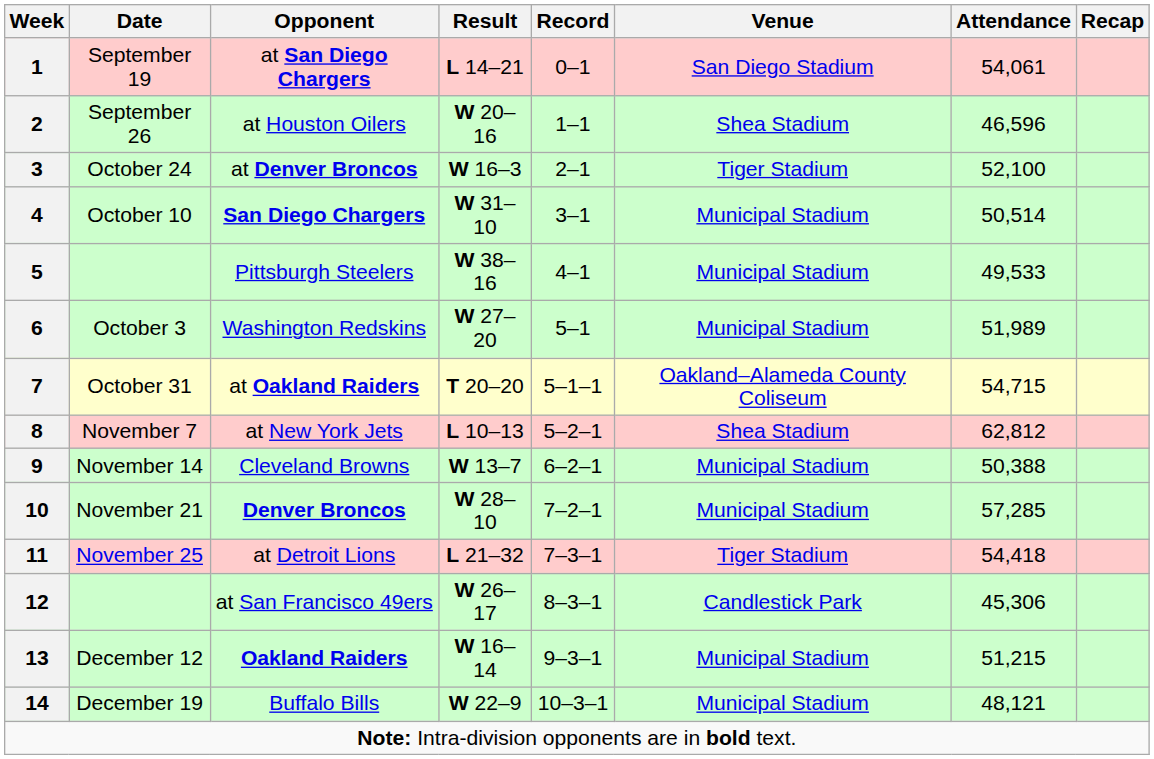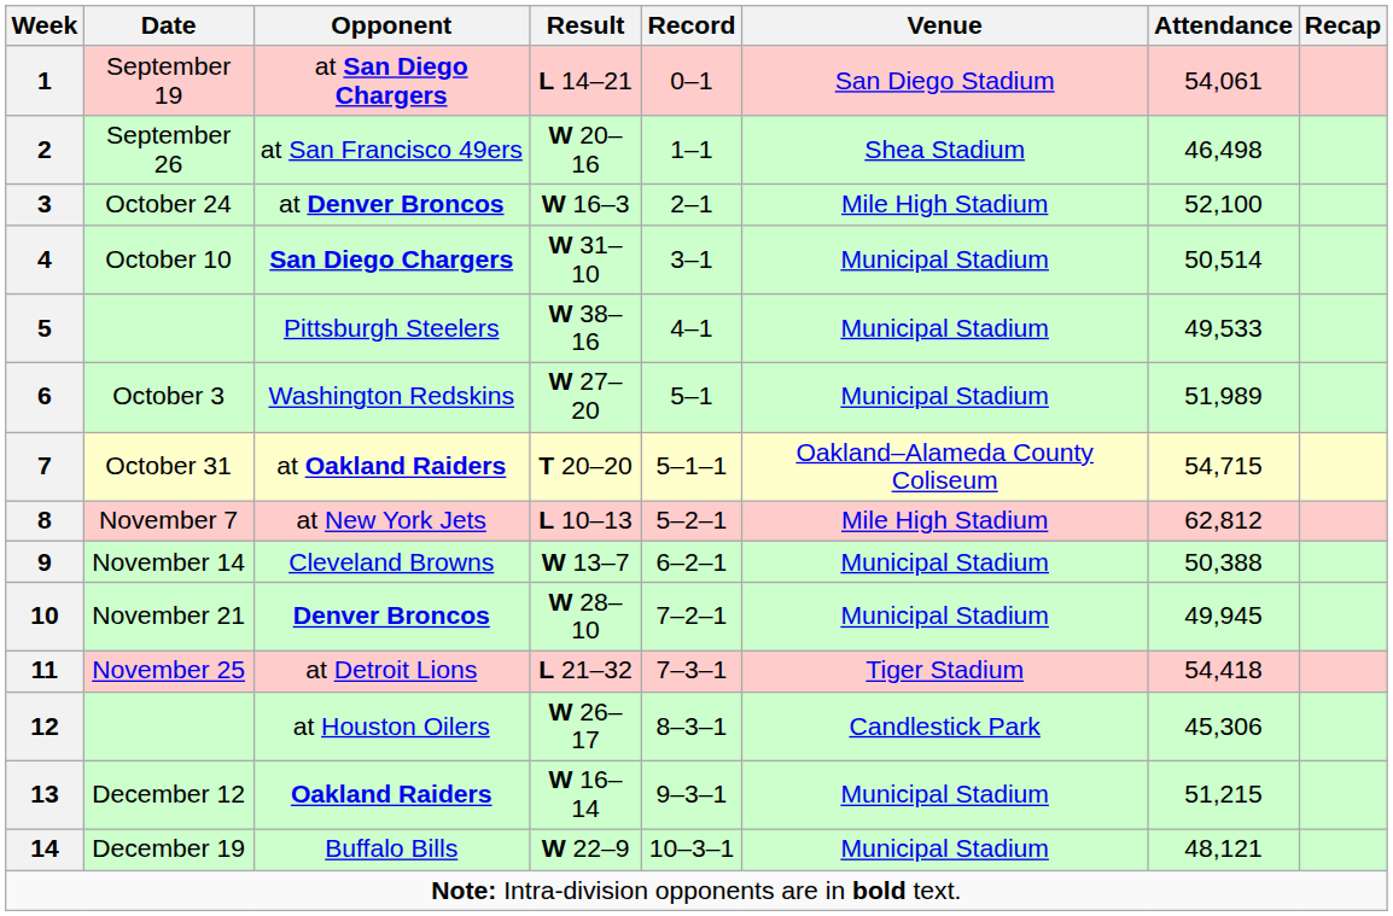 <table class="wikitable" style="text-align:center">
 <tr>
 <th>Week</th>
 <th>Date</th>
 <th>Opponent</th>
 <th>Result</th>
 <th>Record</th>
 <th>Venue</th>
 <th>Attendance</th>
 <th>Recap</th>
 </tr>
 <tr style="background:#fcc">
 <th>1</th>
 <td>September 19</td>
 <td>at <strong><a href='#'>San Diego Chargers</a></strong></td>
 <td><strong>L</strong> 14–21</td>
 <td>0–1</td>
 <td><a href='#'>San Diego Stadium</a></td>
 <td>54,061</td>
 <td></td>
 </tr>
 <tr style="background:#cfc">
 <th>2</th>
 <td>September 26</td>
-<td>at <a href='#'>Houston Oilers</a></td>
+<td>at <a href='#'>San Francisco 49ers</a></td>
 <td><strong>W</strong> 20–16</td>
 <td>1–1</td>
 <td><a href='#'>Shea Stadium</a></td>
-<td>46,596</td>
+<td>46,498</td>
 <td></td>
 </tr>
 <tr style="background:#cfc">
 <th>3</th>
 <td>October 24</td>
 <td>at <strong><a href='#'>Denver Broncos</a></strong></td>
 <td><strong>W</strong> 16–3</td>
 <td>2–1</td>
-<td><a href='#'>Tiger Stadium</a></td>
+<td><a href='#'>Mile High Stadium</a></td>
 <td>52,100</td>
 <td></td>
 </tr>
 <tr style="background:#cfc">
 <th>4</th>
 <td>October 10</td>
 <td><strong><a href='#'>San Diego Chargers</a></strong></td>
 <td><strong>W</strong> 31–10</td>
 <td>3–1</td>
 <td><a href='#'>Municipal Stadium</a></td>
 <td>50,514</td>
 <td></td>
 </tr>
 <tr style="background:#cfc">
 <th>5</th>
 <td></td>
 <td><a href='#'>Pittsburgh Steelers</a></td>
 <td><strong>W</strong> 38–16</td>
 <td>4–1</td>
 <td><a href='#'>Municipal Stadium</a></td>
 <td>49,533</td>
 <td></td>
 </tr>
 <tr style="background:#cfc">
 <th>6</th>
 <td>October 3</td>
 <td><a href='#'>Washington Redskins</a></td>
 <td><strong>W</strong> 27–20</td>
 <td>5–1</td>
 <td><a href='#'>Municipal Stadium</a></td>
 <td>51,989</td>
 <td></td>
 </tr>
 <tr style="background:#ffc">
 <th>7</th>
 <td>October 31</td>
 <td>at <strong><a href='#'>Oakland Raiders</a></strong></td>
 <td><strong>T</strong> 20–20</td>
 <td>5–1–1</td>
 <td><a href='#'>Oakland–Alameda County Coliseum</a></td>
 <td>54,715</td>
 <td></td>
 </tr>
 <tr style="background:#fcc">
 <th>8</th>
 <td>November 7</td>
 <td>at <a href='#'>New York Jets</a></td>
 <td><strong>L</strong> 10–13</td>
 <td>5–2–1</td>
-<td><a href='#'>Shea Stadium</a></td>
+<td><a href='#'>Mile High Stadium</a></td>
 <td>62,812</td>
 <td></td>
 </tr>
 <tr style="background:#cfc">
 <th>9</th>
 <td>November 14</td>
 <td><a href='#'>Cleveland Browns</a></td>
 <td><strong>W</strong> 13–7</td>
 <td>6–2–1</td>
 <td><a href='#'>Municipal Stadium</a></td>
 <td>50,388</td>
 <td></td>
 </tr>
 <tr style="background:#cfc">
 <th>10</th>
 <td>November 21</td>
 <td><strong><a href='#'>Denver Broncos</a></strong></td>
 <td><strong>W</strong> 28–10</td>
 <td>7–2–1</td>
 <td><a href='#'>Municipal Stadium</a></td>
-<td>57,285</td>
+<td>49,945</td>
 <td></td>
 </tr>
 <tr style="background:#fcc">
 <th>11</th>
 <td><a href='#'>November 25</a></td>
 <td>at <a href='#'>Detroit Lions</a></td>
 <td><strong>L</strong> 21–32</td>
 <td>7–3–1</td>
 <td><a href='#'>Tiger Stadium</a></td>
 <td>54,418</td>
 <td></td>
 </tr>
 <tr style="background:#cfc">
 <th>12</th>
 <td></td>
-<td>at <a href='#'>San Francisco 49ers</a></td>
+<td>at <a href='#'>Houston Oilers</a></td>
 <td><strong>W</strong> 26–17</td>
 <td>8–3–1</td>
 <td><a href='#'>Candlestick Park</a></td>
 <td>45,306</td>
 <td></td>
 </tr>
 <tr style="background:#cfc">
 <th>13</th>
 <td>December 12</td>
 <td><strong><a href='#'>Oakland Raiders</a></strong></td>
 <td><strong>W</strong> 16–14</td>
 <td>9–3–1</td>
 <td><a href='#'>Municipal Stadium</a></td>
 <td>51,215</td>
 <td></td>
 </tr>
 <tr style="background:#cfc">
 <th>14</th>
 <td>December 19</td>
 <td><a href='#'>Buffalo Bills</a></td>
 <td><strong>W</strong> 22–9</td>
 <td>10–3–1</td>
 <td><a href='#'>Municipal Stadium</a></td>
 <td>48,121</td>
 <td></td>
 </tr>
 <tr>
 <td colspan="8"><strong>Note:</strong> Intra-division opponents are in <strong>bold</strong> text.</td>
 </tr>
 </table>
